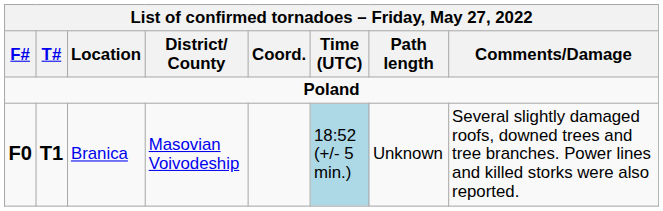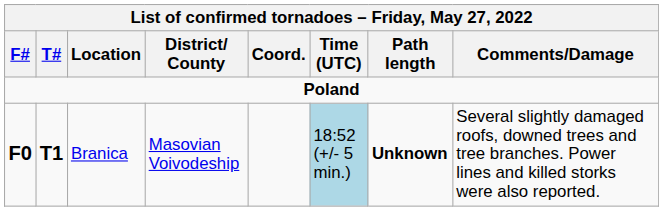 <table class="wikitable collapsible" width="100%">
 <tr>
 <th colspan="8">List of confirmed tornadoes – Friday, May 27, 2022</th>
 </tr>
 <tr>
 <th><a href='#'>F#</a></th>
 <th><a href='#'>T#</a></th>
 <th>Location</th>
 <th>District/<br>County</th>
 <th>Coord.</th>
 <th>Time (UTC)</th>
 <th>Path length</th>
 <th>Comments/Damage</th>
 </tr>
 <tr>
 <td colspan="8" align=center><strong>Poland</strong></td>
 </tr>
 <tr>
 <td><big><strong>F0</strong></big></td>
 <td><big><strong>T1</strong></big></td>
 <td><a href='#'>Branica</a></td>
 <td><a href='#'>Masovian Voivodeship</a></td>
 <td></td>
 <td style="background: lightblue;">18:52 (+/- 5 min.)</td>
-<td>Unknown</td>
+<td><strong>Unknown</strong></td>
 <td>Several slightly damaged roofs, downed trees and tree branches. Power lines and killed storks were also reported.</td>
 </tr>
 </table>
